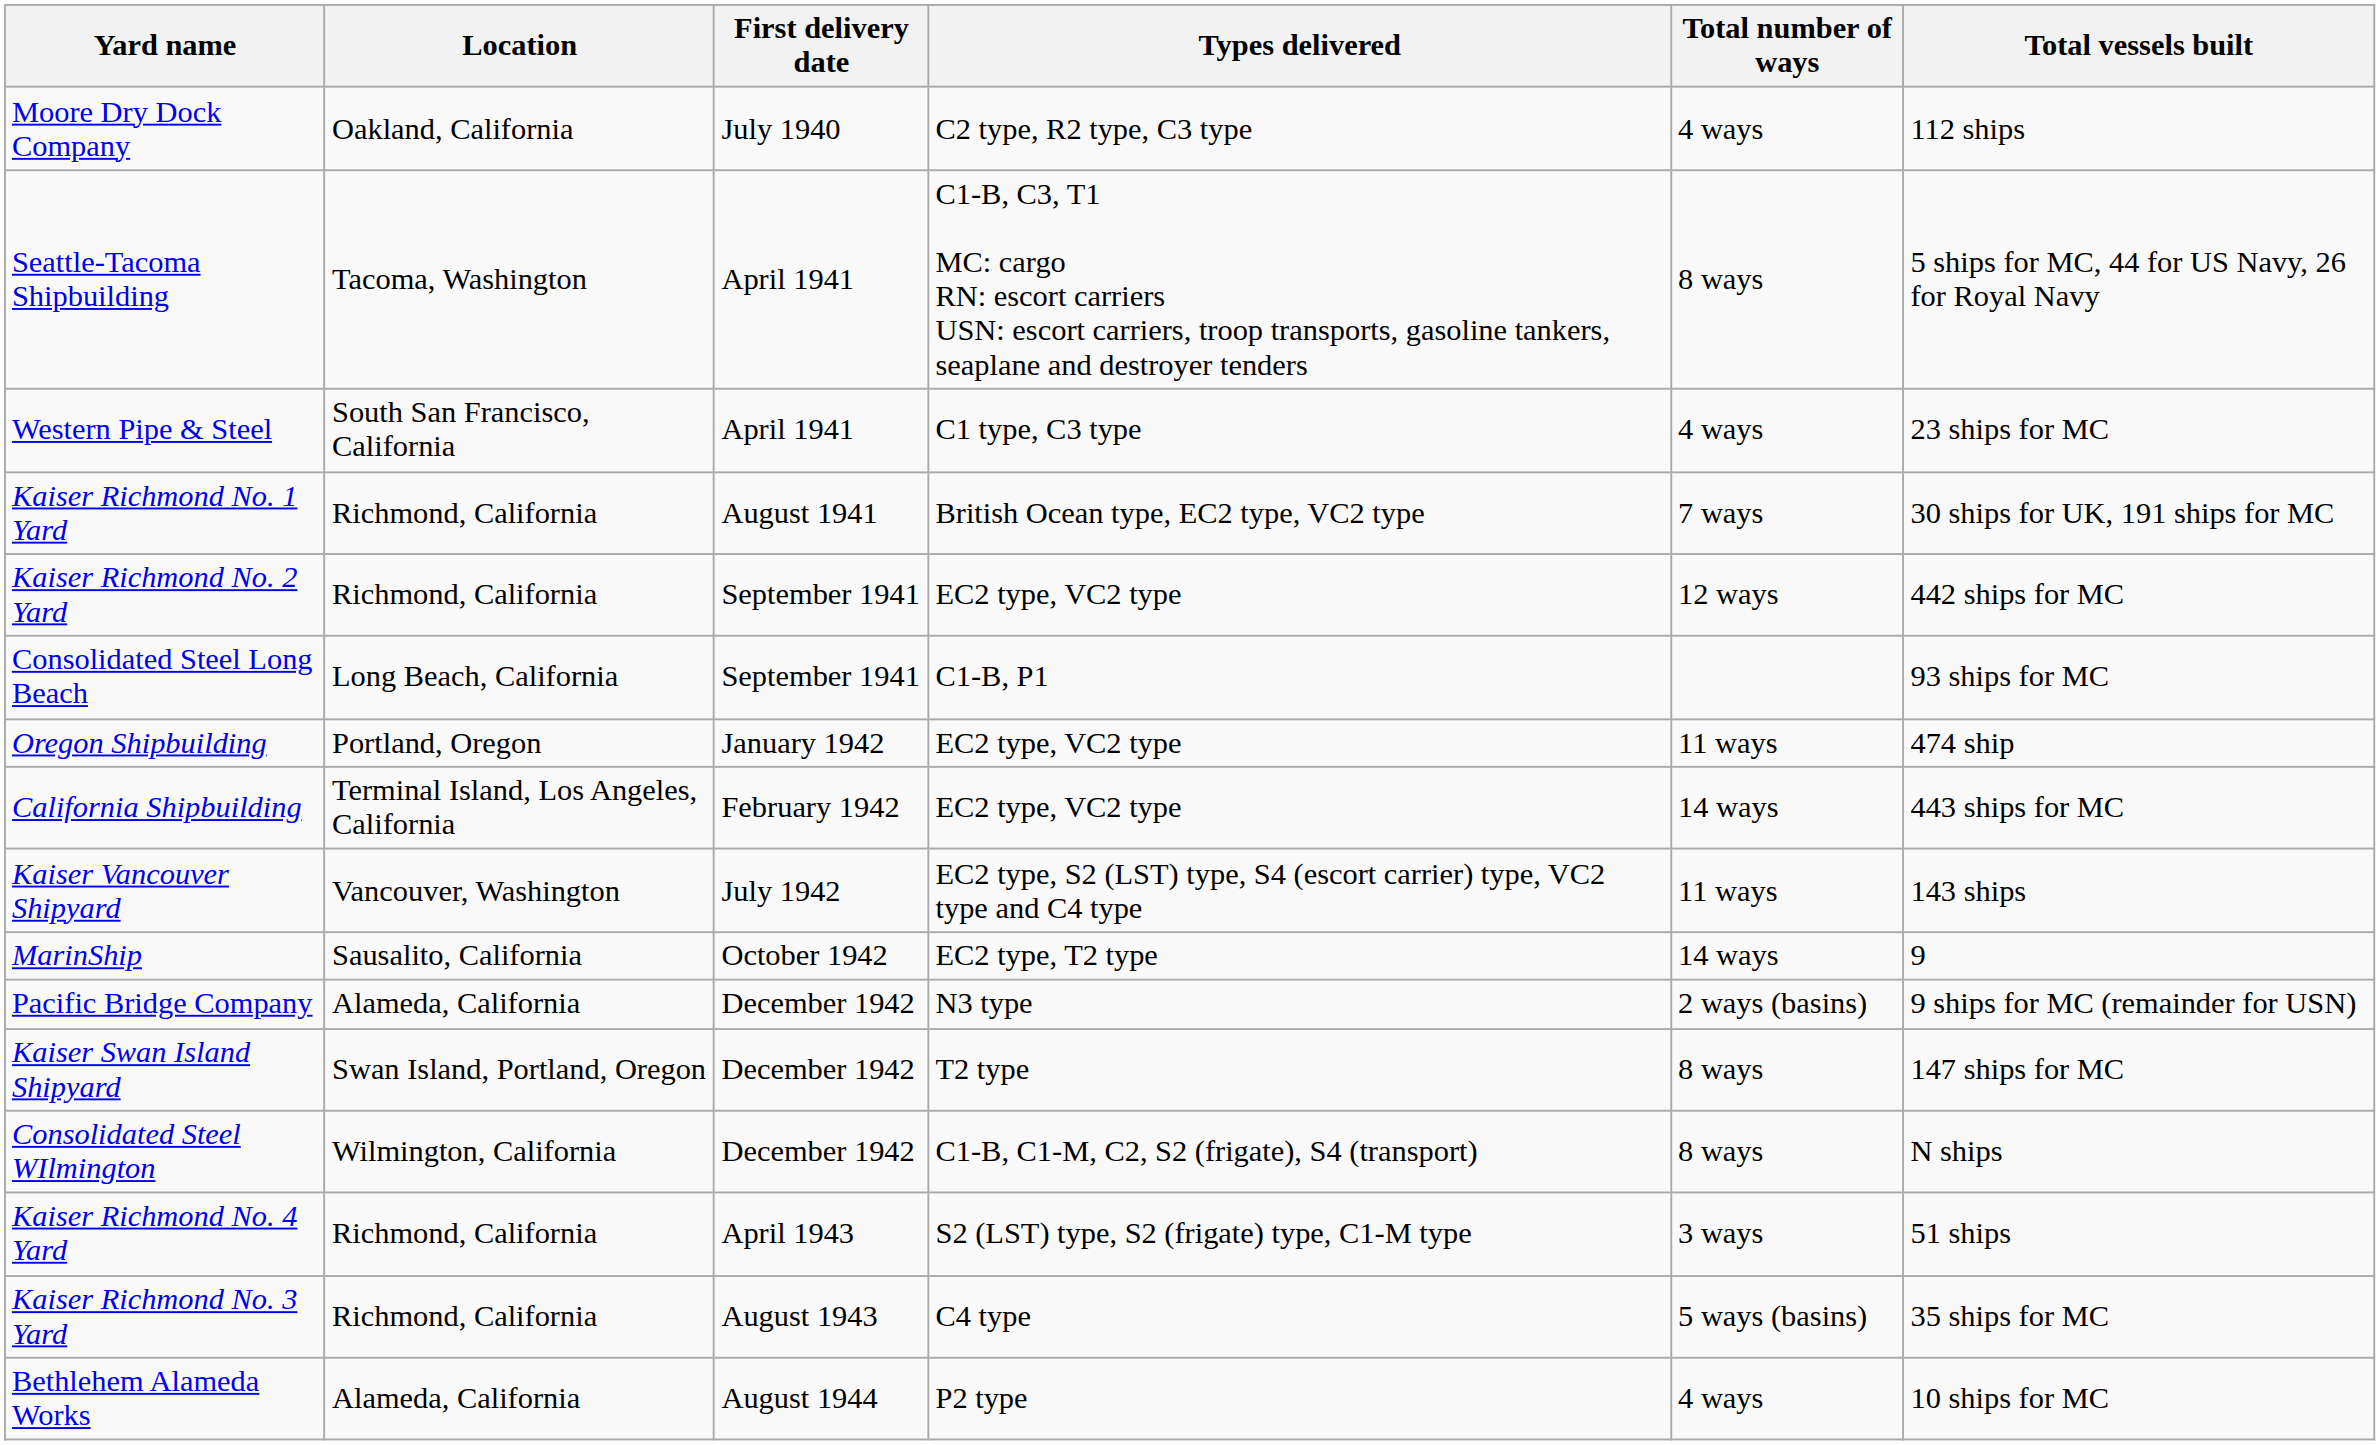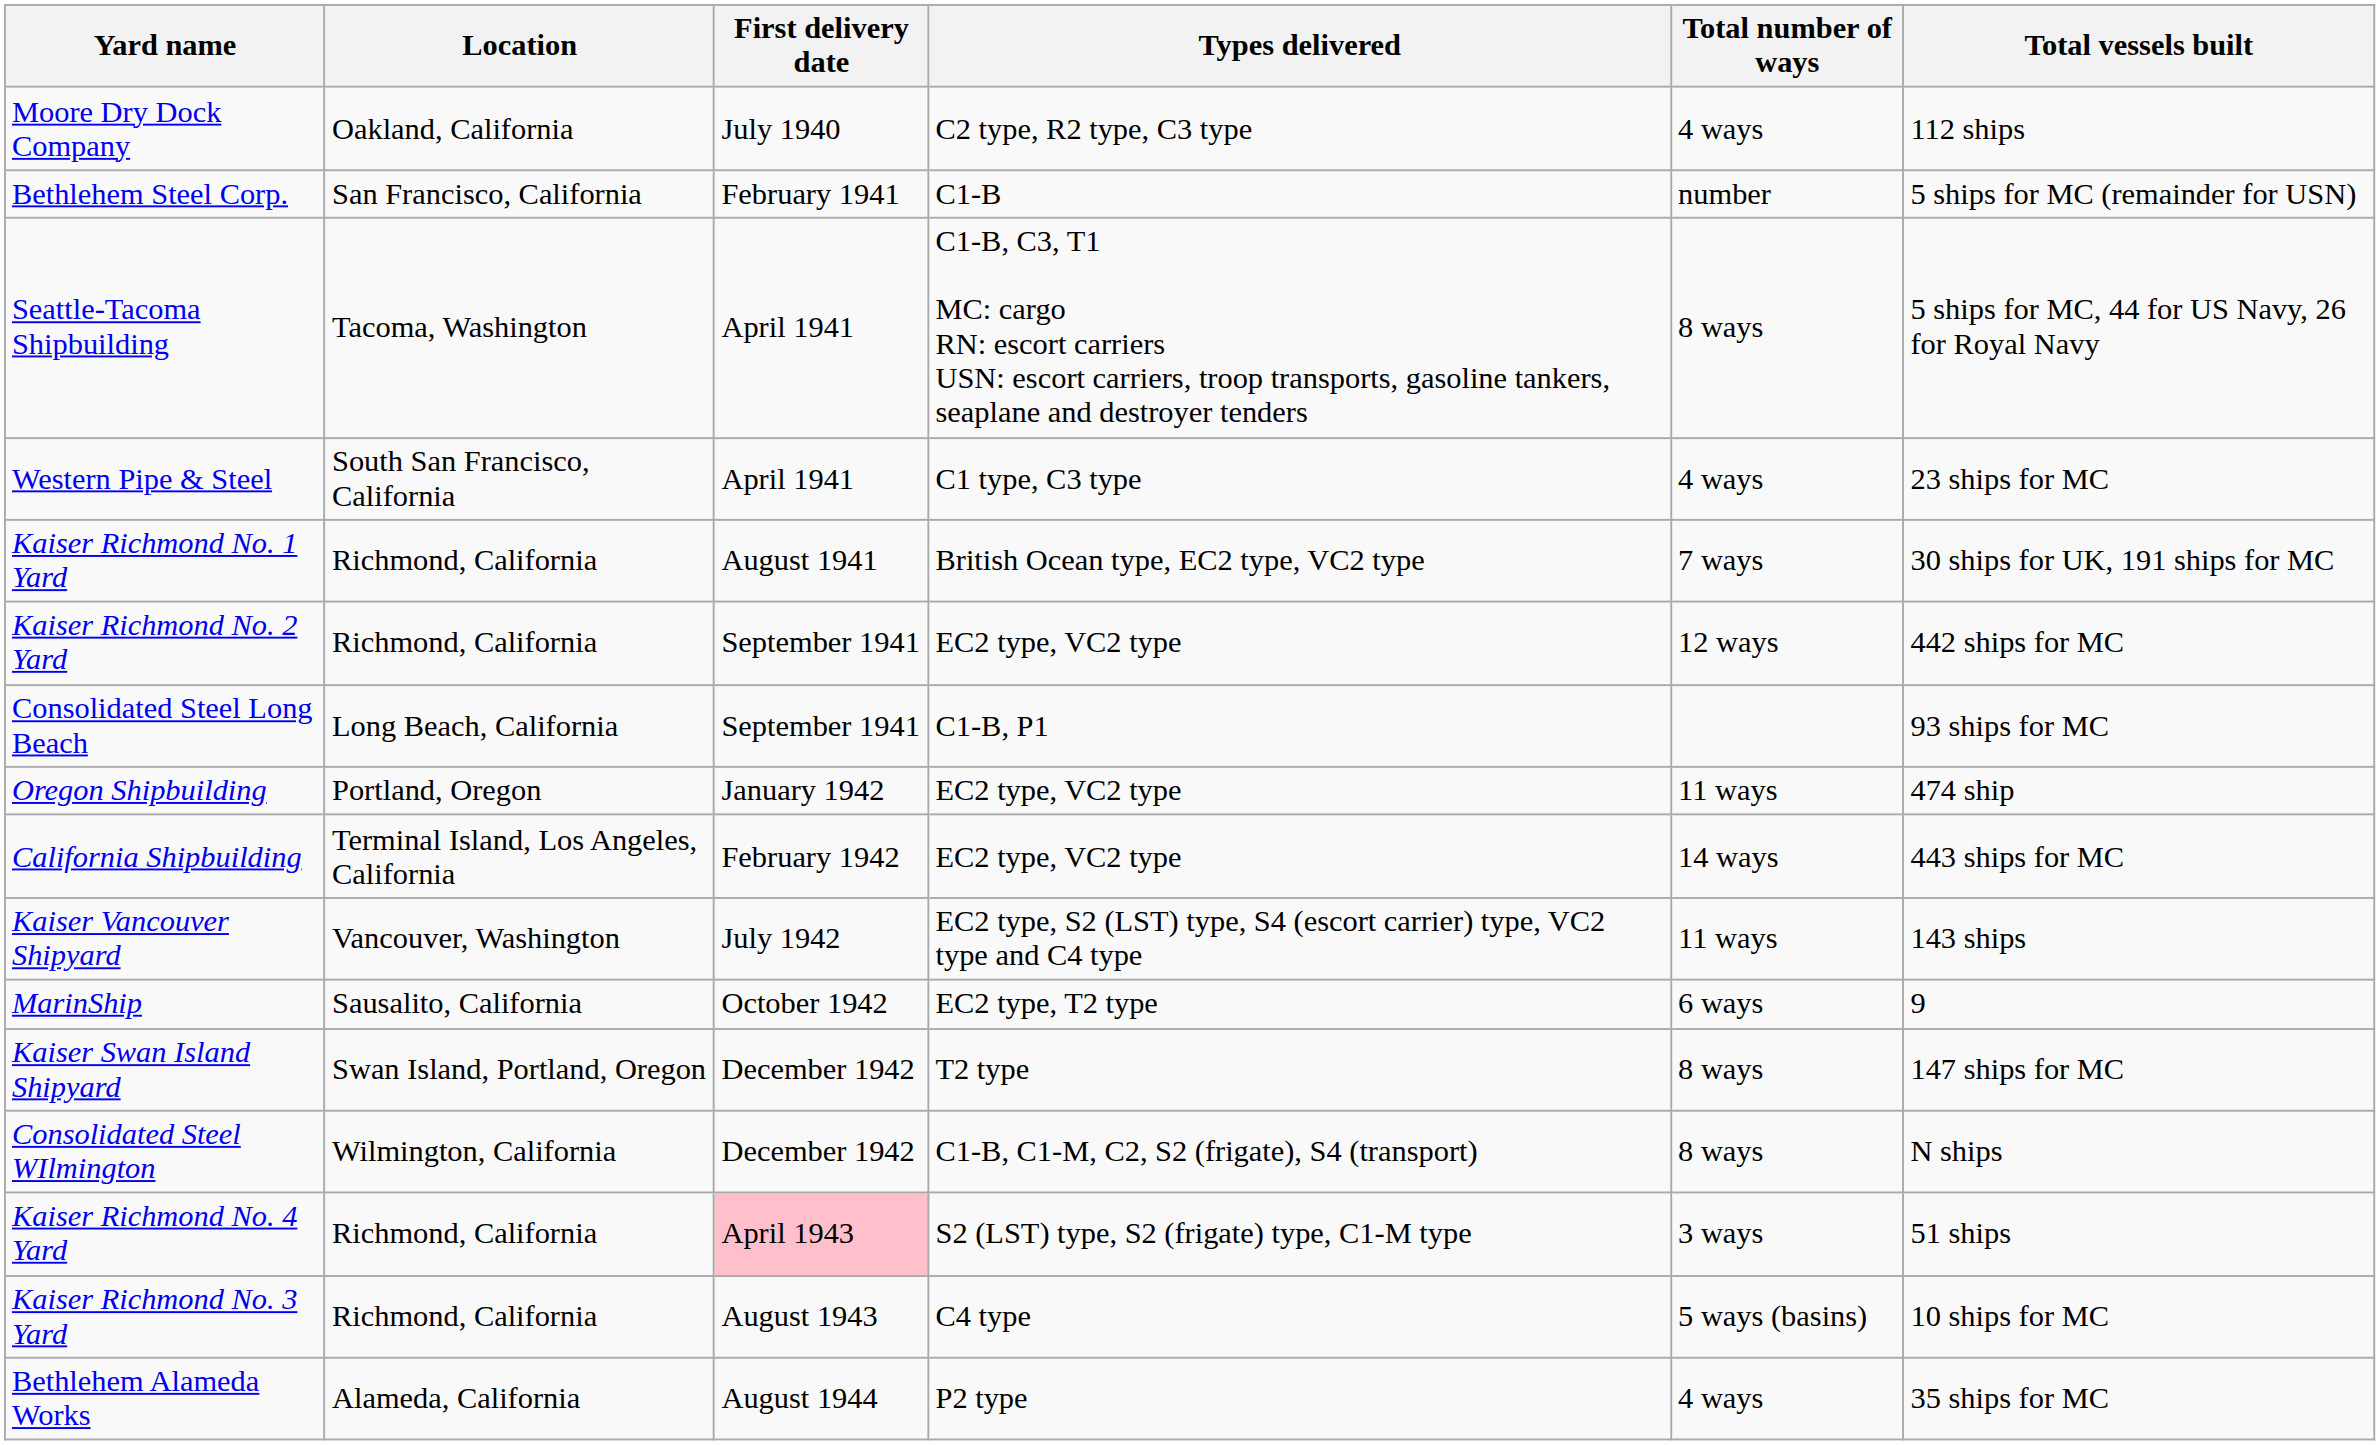 <table class="wikitable">
 <tr>
 <th>Yard name</th>
 <th>Location</th>
 <th>First delivery date</th>
 <th>Types delivered</th>
 <th>Total number of ways</th>
 <th>Total vessels built</th>
 </tr>
 <tr>
 <td><a href='#'>Moore Dry Dock Company</a></td>
 <td>Oakland, California</td>
 <td>July 1940</td>
 <td>C2 type, R2 type, C3 type</td>
 <td>4 ways</td>
 <td>112 ships</td>
+</tr>
+<tr>
+<td><a href='#'>Bethlehem Steel Corp.</a></td>
+<td>San Francisco, California</td>
+<td>February 1941</td>
+<td>C1-B</td>
+<td>number</td>
+<td>5 ships for MC (remainder for USN)</td>
 </tr>
 <tr>
 <td><a href='#'>Seattle-Tacoma Shipbuilding</a></td>
 <td>Tacoma, Washington</td>
 <td>April 1941</td>
 <td>C1-B, C3, T1<br><br>MC: cargo<br> RN: escort carriers<br> USN: escort carriers, troop transports, gasoline tankers, seaplane and destroyer tenders</td>
 <td>8 ways</td>
 <td>5 ships for MC, 44 for US Navy, 26 for Royal Navy </td>
 </tr>
 <tr>
 <td><a href='#'>Western Pipe & Steel</a></td>
 <td>South San Francisco, California</td>
 <td>April 1941</td>
 <td>C1 type, C3 type</td>
 <td>4 ways</td>
 <td>23 ships for MC</td>
 </tr>
 <tr>
 <td><em><a href='#'>Kaiser Richmond No. 1 Yard</a></em></td>
 <td>Richmond, California</td>
 <td>August 1941</td>
 <td>British Ocean type, EC2 type, VC2 type</td>
 <td>7 ways</td>
 <td>30 ships for UK, 191 ships for MC</td>
 </tr>
 <tr>
 <td><em><a href='#'>Kaiser Richmond No. 2 Yard</a></em></td>
 <td>Richmond, California</td>
 <td>September 1941</td>
 <td>EC2 type, VC2 type</td>
 <td>12 ways</td>
 <td>442 ships for MC</td>
 </tr>
 <tr>
 <td><a href='#'>Consolidated Steel Long Beach</a></td>
 <td>Long Beach, California</td>
 <td>September 1941</td>
 <td>C1-B, P1</td>
 <td></td>
 <td>93 ships for MC</td>
 </tr>
 <tr>
 <td><em><a href='#'>Oregon Shipbuilding</a></em></td>
 <td>Portland, Oregon</td>
 <td>January 1942</td>
 <td>EC2 type, VC2 type</td>
 <td>11 ways</td>
 <td>474 ship</td>
 </tr>
 <tr>
 <td><em><a href='#'>California Shipbuilding</a></em></td>
 <td>Terminal Island, Los Angeles, California</td>
 <td>February 1942</td>
 <td>EC2 type, VC2 type</td>
 <td>14 ways</td>
 <td>443 ships for MC</td>
 </tr>
 <tr>
 <td><em><a href='#'>Kaiser Vancouver Shipyard</a></em></td>
 <td>Vancouver, Washington</td>
 <td>July 1942</td>
 <td>EC2 type, S2 (LST) type, S4 (escort carrier) type, VC2 type and C4 type</td>
 <td>11 ways</td>
 <td>143 ships</td>
 </tr>
 <tr>
 <td><em><a href='#'>MarinShip</a></em></td>
 <td>Sausalito, California</td>
 <td>October 1942</td>
 <td>EC2 type, T2 type</td>
-<td>14 ways</td>
+<td>6 ways</td>
 <td>9</td>
-</tr>
-<tr>
-<td><a href='#'>Pacific Bridge Company</a></td>
-<td>Alameda, California</td>
-<td>December 1942</td>
-<td>N3 type</td>
-<td>2 ways (basins)</td>
-<td>9 ships for MC (remainder for USN)</td>
 </tr>
 <tr>
 <td><em><a href='#'>Kaiser Swan Island Shipyard</a></em></td>
 <td>Swan Island, Portland, Oregon</td>
 <td>December 1942</td>
 <td>T2 type</td>
 <td>8 ways</td>
 <td>147 ships for MC</td>
 </tr>
 <tr>
 <td><em><a href='#'>Consolidated Steel WIlmington</a></em></td>
 <td>Wilmington, California</td>
 <td>December 1942</td>
 <td>C1-B, C1-M, C2, S2 (frigate), S4 (transport)</td>
 <td>8 ways</td>
 <td>N ships</td>
 </tr>
 <tr>
 <td><em><a href='#'>Kaiser Richmond No. 4 Yard</a></em></td>
 <td>Richmond, California</td>
-<td>April 1943</td>
+<td style="background: pink;">April 1943</td>
 <td>S2 (LST) type, S2 (frigate) type, C1-M type</td>
 <td>3 ways</td>
 <td>51 ships</td>
 </tr>
 <tr>
 <td><em><a href='#'>Kaiser Richmond No. 3 Yard</a></em></td>
 <td>Richmond, California</td>
 <td>August 1943</td>
 <td>C4 type</td>
 <td>5 ways (basins)</td>
-<td>35 ships for MC</td>
+<td>10 ships for MC<br></td>
 </tr>
 <tr>
 <td><a href='#'>Bethlehem Alameda Works</a></td>
 <td>Alameda, California</td>
 <td>August 1944</td>
 <td>P2 type</td>
 <td>4 ways</td>
-<td>10 ships for MC<br></td>
+<td>35 ships for MC</td>
 </tr>
 </table>
